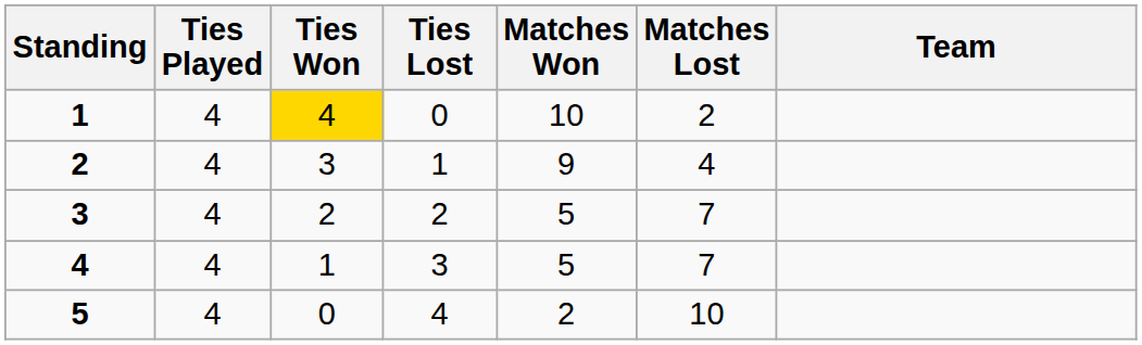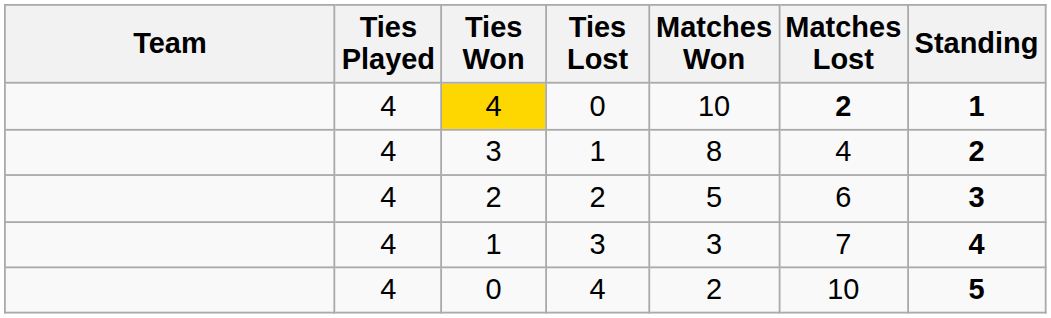 <table class=wikitable style="text-align:center">
 <tr>
-<th width=50>Standing</th>
+<th width=175>Team</th>
 <th width=50>Ties Played</th>
 <th width=50>Ties Won</th>
 <th width=50>Ties Lost</th>
 <th width=50>Matches Won</th>
 <th width=50>Matches Lost</th>
-<th width=175>Team</th>
+<th width=50>Standing</th>
 </tr>
 <tr>
-<td><strong>1</strong></td>
+<td style="text-align:left"></td>
 <td>4</td>
 <td style="background: gold;">4</td>
 <td>0</td>
 <td>10</td>
-<td>2</td>
-<td style="text-align:left"></td>
+<td><strong>2</strong></td>
+<td><strong>1</strong></td>
 </tr>
 <tr>
-<td><strong>2</strong></td>
+<td style="text-align:left"></td>
 <td>4</td>
 <td>3</td>
 <td>1</td>
-<td>9</td>
+<td>8</td>
 <td>4</td>
-<td style="text-align:left"></td>
+<td><strong>2</strong></td>
 </tr>
 <tr>
-<td><strong>3</strong></td>
+<td style="text-align:left"></td>
 <td>4</td>
 <td>2</td>
 <td>2</td>
 <td>5</td>
-<td>7</td>
-<td style="text-align:left"></td>
+<td>6</td>
+<td><strong>3</strong></td>
 </tr>
 <tr>
-<td><strong>4</strong></td>
+<td style="text-align:left"></td>
 <td>4</td>
 <td>1</td>
 <td>3</td>
-<td>5</td>
+<td>3</td>
 <td>7</td>
-<td style="text-align:left"></td>
+<td><strong>4</strong></td>
 </tr>
 <tr>
-<td><strong>5</strong></td>
+<td style="text-align:left"></td>
 <td>4</td>
 <td>0</td>
 <td>4</td>
 <td>2</td>
 <td>10</td>
-<td style="text-align:left"></td>
+<td><strong>5</strong></td>
 </tr>
 </table>
